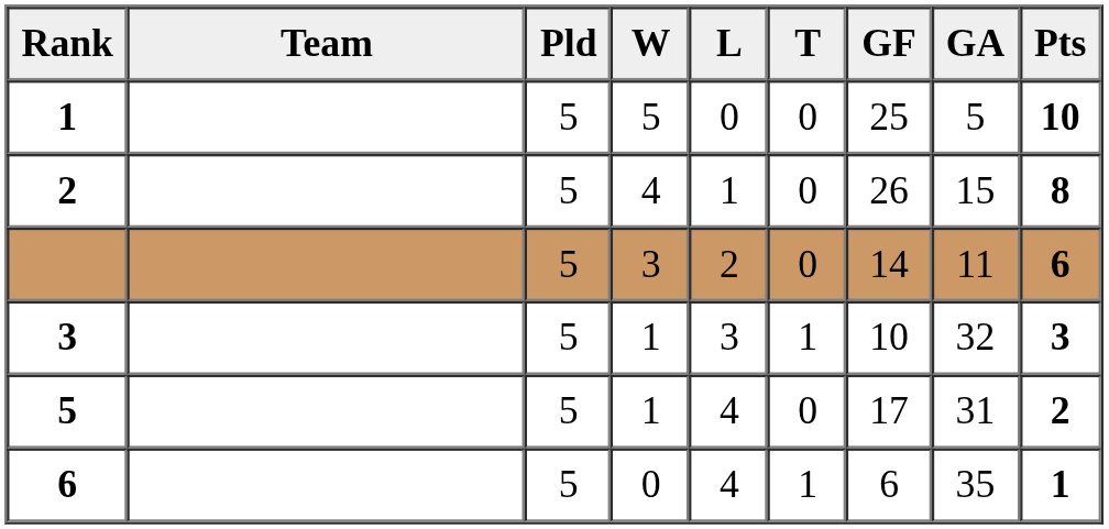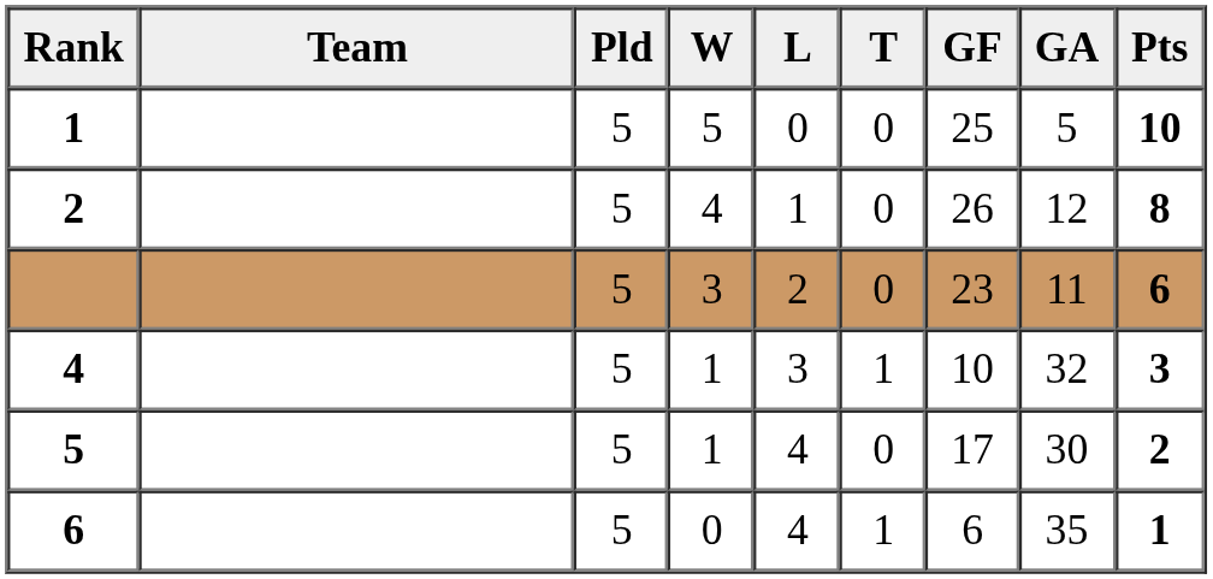 <table border=1 cellpadding=5 cellspacing=0>
 <tr>
 <th bgcolor="#efefef" width="20">Rank</th>
 <th bgcolor="#efefef" width="150">Team</th>
 <th bgcolor="#efefef" width="20">Pld</th>
 <th bgcolor="#efefef" width="20">W</th>
 <th bgcolor="#efefef" width="20">L</th>
 <th bgcolor="#efefef" width="20">T</th>
 <th bgcolor="#efefef" width="20">GF</th>
 <th bgcolor="#efefef" width="20">GA</th>
 <th bgcolor="#efefef" width="20">Pts</th>
 </tr>
 <tr align=center>
 <td><strong>1</strong></td>
 <td align=left></td>
 <td>5</td>
 <td>5</td>
 <td>0</td>
 <td>0</td>
 <td>25</td>
 <td>5</td>
 <td><strong>10</strong></td>
 </tr>
 <tr align=center>
 <td><strong>2</strong></td>
 <td align=left></td>
 <td>5</td>
 <td>4</td>
 <td>1</td>
 <td>0</td>
 <td>26</td>
-<td>15</td>
+<td>12</td>
 <td><strong>8</strong></td>
 </tr>
 <tr align=center bgcolor="#cc9966">
 <td></td>
 <td align=left></td>
 <td>5</td>
 <td>3</td>
 <td>2</td>
 <td>0</td>
-<td>14</td>
+<td>23</td>
 <td>11</td>
 <td><strong>6</strong></td>
 </tr>
 <tr align=center>
-<td><strong>3</strong></td>
+<td><strong>4</strong></td>
 <td align=left></td>
 <td>5</td>
 <td>1</td>
 <td>3</td>
 <td>1</td>
 <td>10</td>
 <td>32</td>
 <td><strong>3</strong></td>
 </tr>
 <tr align=center>
 <td><strong>5</strong></td>
 <td align=left></td>
 <td>5</td>
 <td>1</td>
 <td>4</td>
 <td>0</td>
 <td>17</td>
-<td>31</td>
+<td>30</td>
 <td><strong>2</strong></td>
 </tr>
 <tr align=center>
 <td><strong>6</strong></td>
 <td align=left></td>
 <td>5</td>
 <td>0</td>
 <td>4</td>
 <td>1</td>
 <td>6</td>
 <td>35</td>
 <td><strong>1</strong></td>
 </tr>
 </table>
